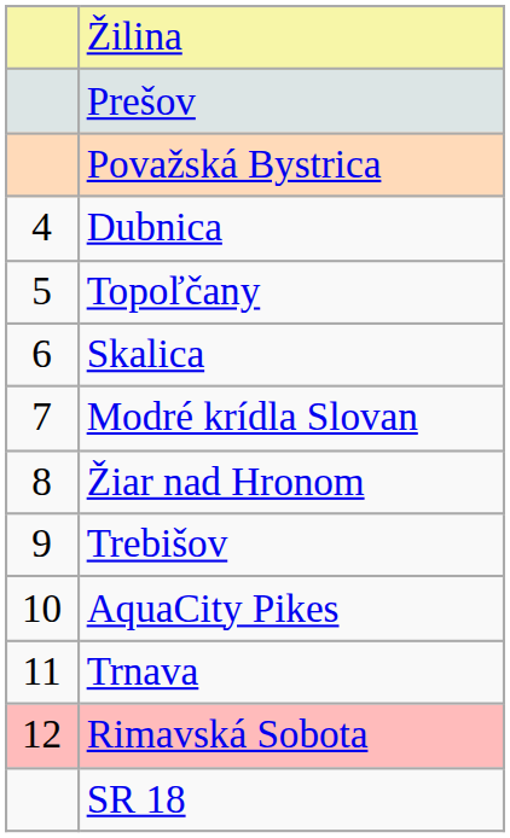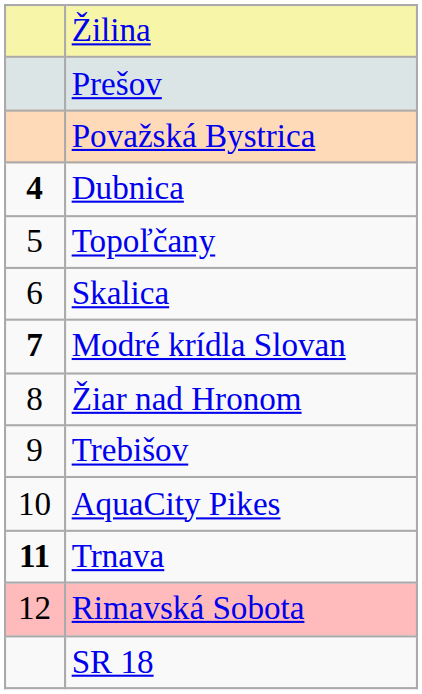 <table class="wikitable" style="width:200px;">
 <tr style="background:#F7F6A8;">
 <td align=center></td>
 <td><a href='#'>Žilina</a></td>
 </tr>
 <tr style="background:#DCE5E5;">
 <td align=center></td>
 <td><a href='#'>Prešov</a></td>
 </tr>
 <tr style="background:#FFDAB9;">
 <td align=center></td>
 <td><a href='#'>Považská Bystrica</a></td>
 </tr>
 <tr>
-<td align=center>4</td>
+<td align=center><strong>4</strong></td>
 <td><a href='#'>Dubnica</a></td>
 </tr>
 <tr>
 <td align=center>5</td>
 <td><a href='#'>Topoľčany</a></td>
 </tr>
 <tr>
 <td align=center>6</td>
 <td><a href='#'>Skalica</a></td>
 </tr>
 <tr>
-<td align=center>7</td>
+<td align=center><strong>7</strong></td>
 <td><a href='#'>Modré krídla Slovan</a></td>
 </tr>
 <tr>
 <td align=center>8</td>
 <td><a href='#'>Žiar nad Hronom</a></td>
 </tr>
 <tr>
 <td align=center>9</td>
 <td><a href='#'>Trebišov</a></td>
 </tr>
 <tr>
 <td align=center>10</td>
 <td><a href='#'>AquaCity Pikes</a></td>
 </tr>
 <tr>
-<td align=center>11</td>
+<td align=center><strong>11</strong></td>
 <td><a href='#'>Trnava</a></td>
 </tr>
 <tr style="background:#ffbbbb;">
 <td align=center>12</td>
 <td><a href='#'>Rimavská Sobota</a></td>
 </tr>
 <tr>
 <td align=center> </td>
 <td><a href='#'>SR 18</a></td>
 </tr>
 </table>
